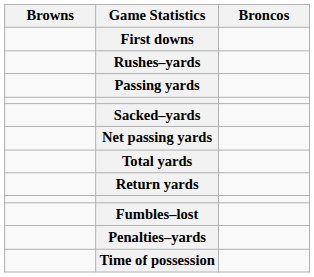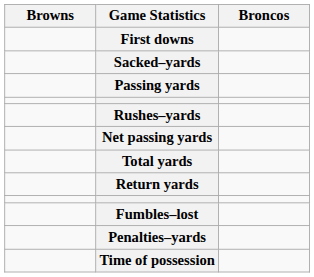 <table class="wikitable" style="margin: 1em auto 1em auto">
 <tr>
 <th style="width:30%;">Browns</th>
 <th style="width:40%;">Game Statistics</th>
 <th style="width:30%;">Broncos</th>
 </tr>
 <tr>
 <td style="text-align:right;"></td>
 <th>First downs</th>
 <td></td>
 </tr>
 <tr>
 <td style="text-align:right;"></td>
-<th>Rushes–yards</th>
+<th>Sacked–yards</th>
 <td></td>
 </tr>
 <tr>
 <td style="text-align:right;"></td>
 <th>Passing yards</th>
 <td></td>
 </tr>
 <tr>
 <td style="text-align:right;"></td>
 <th></th>
 <td></td>
 </tr>
 <tr>
 <td style="text-align:right;"></td>
-<th>Sacked–yards</th>
+<th>Rushes–yards</th>
 <td></td>
 </tr>
 <tr>
 <td style="text-align:right;"></td>
 <th>Net passing yards</th>
 <td></td>
 </tr>
 <tr>
 <td style="text-align:right;"></td>
 <th>Total yards</th>
 <td></td>
 </tr>
 <tr>
 <td style="text-align:right;"></td>
 <th>Return yards</th>
 <td></td>
 </tr>
 <tr>
 <td style="text-align:right;"></td>
 <th></th>
 <td></td>
 </tr>
 <tr>
 <td style="text-align:right;"></td>
 <th>Fumbles–lost</th>
 <td></td>
 </tr>
 <tr>
 <td style="text-align:right;"></td>
 <th>Penalties–yards</th>
 <td></td>
 </tr>
 <tr>
 <td style="text-align:right;"></td>
 <th>Time of possession</th>
 <td></td>
 </tr>
 </table>
